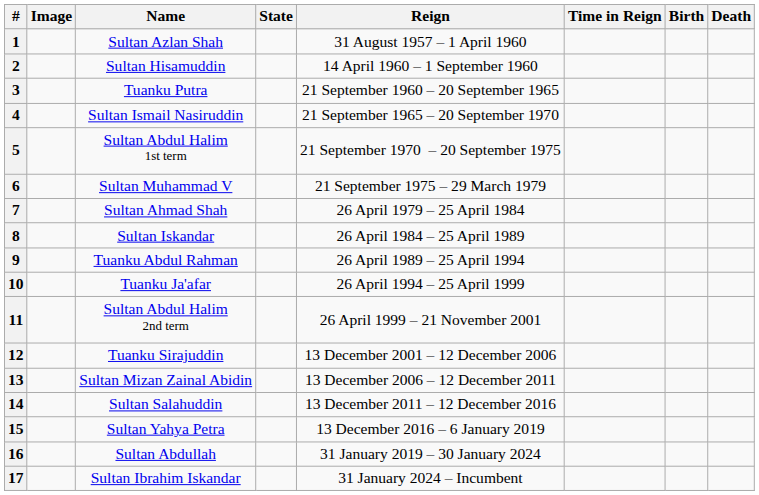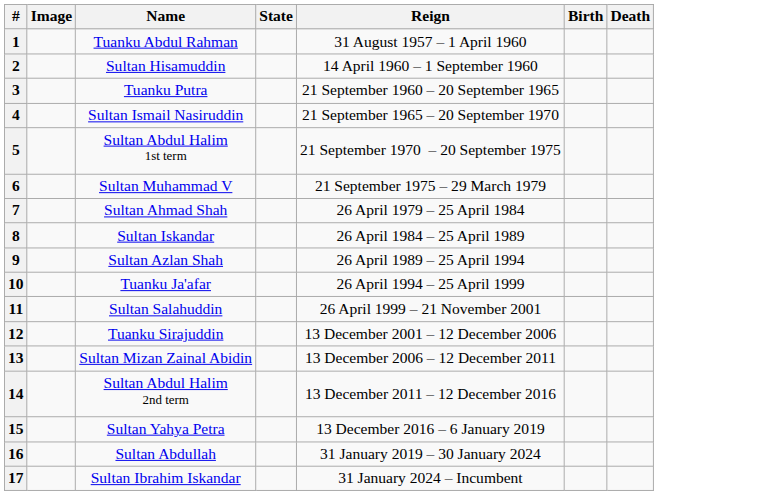 <table class="sortable wikitable" style="text-align:center;">
 <tr style="background:#cccccc">
 <th>#</th>
 <th>Image</th>
 <th>Name</th>
 <th>State</th>
 <th>Reign</th>
-<th>Time in Reign</th>
 <th>Birth</th>
 <th>Death</th>
 </tr>
 <tr>
 <th>1</th>
 <td></td>
-<td><a href='#'>Sultan Azlan Shah</a></td>
+<td><a href='#'>Tuanku Abdul Rahman</a></td>
 <td></td>
 <td>31 August 1957 – 1 April 1960</td>
-<td></td>
 <td></td>
 <td></td>
 </tr>
 <tr>
 <th>2</th>
 <td></td>
 <td><a href='#'>Sultan Hisamuddin</a></td>
 <td></td>
 <td>14 April 1960 – 1 September 1960</td>
 <td></td>
 <td></td>
-<td></td>
 </tr>
 <tr>
 <th>3</th>
 <td></td>
 <td><a href='#'>Tuanku Putra</a></td>
 <td></td>
 <td>21 September 1960 – 20 September 1965</td>
-<td></td>
 <td></td>
 <td></td>
 </tr>
 <tr>
 <th>4</th>
 <td></td>
 <td><a href='#'>Sultan Ismail Nasiruddin</a></td>
 <td></td>
 <td>21 September 1965 – 20 September 1970</td>
 <td></td>
 <td></td>
-<td></td>
 </tr>
 <tr>
 <th>5</th>
 <td></td>
 <td><a href='#'>Sultan Abdul Halim</a><br> <sup>1st term</sup></td>
 <td></td>
 <td>21 September 1970  – 20 September 1975</td>
-<td></td>
 <td></td>
 <td></td>
 </tr>
 <tr>
 <th>6</th>
 <td></td>
 <td><a href='#'>Sultan Muhammad V</a></td>
 <td></td>
 <td>21 September 1975 – 29 March 1979</td>
 <td></td>
 <td></td>
-<td></td>
 </tr>
 <tr>
 <th>7</th>
 <td></td>
 <td><a href='#'>Sultan Ahmad Shah</a></td>
 <td></td>
 <td>26 April 1979 – 25 April 1984</td>
-<td></td>
 <td></td>
 <td></td>
 </tr>
 <tr>
 <th>8</th>
 <td></td>
 <td><a href='#'>Sultan Iskandar</a></td>
 <td></td>
 <td>26 April 1984 – 25 April 1989</td>
 <td></td>
 <td></td>
-<td></td>
 </tr>
 <tr>
 <th>9</th>
 <td></td>
-<td><a href='#'>Tuanku Abdul Rahman</a></td>
+<td><a href='#'>Sultan Azlan Shah</a></td>
 <td></td>
 <td>26 April 1989 – 25 April 1994</td>
-<td></td>
 <td></td>
 <td></td>
 </tr>
 <tr>
 <th>10</th>
 <td></td>
 <td><a href='#'>Tuanku Ja'afar</a></td>
 <td></td>
 <td>26 April 1994 – 25 April 1999</td>
 <td></td>
 <td></td>
-<td></td>
 </tr>
 <tr>
 <th>11</th>
 <td></td>
-<td><a href='#'>Sultan Abdul Halim</a><br> <sup>2nd term</sup></td>
+<td><a href='#'>Sultan Salahuddin</a></td>
 <td></td>
 <td>26 April 1999 – 21 November 2001</td>
-<td></td>
 <td></td>
 <td></td>
 </tr>
 <tr>
 <th>12</th>
 <td></td>
 <td><a href='#'>Tuanku Sirajuddin</a></td>
 <td></td>
 <td>13 December 2001 – 12 December 2006</td>
 <td></td>
 <td></td>
-<td></td>
 </tr>
 <tr>
 <th>13</th>
 <td></td>
 <td><a href='#'>Sultan Mizan Zainal Abidin</a></td>
 <td></td>
 <td>13 December 2006 – 12 December 2011</td>
 <td></td>
 <td></td>
-<td></td>
 </tr>
 <tr>
 <th>14</th>
 <td></td>
-<td><a href='#'>Sultan Salahuddin</a></td>
+<td><a href='#'>Sultan Abdul Halim</a><br> <sup>2nd term</sup></td>
 <td></td>
 <td>13 December 2011 – 12 December 2016</td>
-<td></td>
 <td></td>
 <td></td>
 </tr>
 <tr>
 <th>15</th>
 <td></td>
 <td><a href='#'>Sultan Yahya Petra</a></td>
 <td></td>
 <td>13 December 2016 – 6 January 2019</td>
 <td></td>
 <td></td>
-<td></td>
 </tr>
 <tr>
 <th>16</th>
 <td></td>
 <td><a href='#'>Sultan Abdullah</a></td>
 <td></td>
 <td>31 January 2019 – 30 January 2024</td>
-<td></td>
 <td></td>
 <td></td>
 </tr>
 <tr>
 <th>17</th>
 <td></td>
 <td><a href='#'>Sultan Ibrahim Iskandar</a></td>
 <td></td>
 <td>31 January 2024 – Incumbent</td>
 <td></td>
 <td></td>
-<td></td>
 </tr>
 </table>
